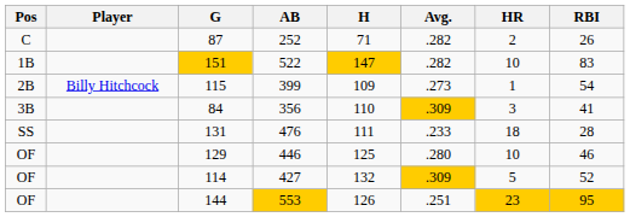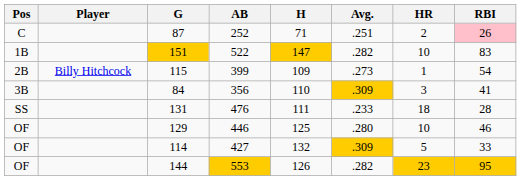 <table class="wikitable sortable">
 <tr>
 <th bgcolor="#DDDDFF" width="5%">Pos</th>
 <th bgcolor="#DDDDFF" width="16%">Player</th>
 <th bgcolor="#DDDDFF" width="9%">G</th>
 <th bgcolor="#DDDDFF" width="9%">AB</th>
 <th bgcolor="#DDDDFF" width="9%">H</th>
 <th bgcolor="#DDDDFF" width="9%">Avg.</th>
 <th bgcolor="#DDDDFF" width="9%">HR</th>
 <th bgcolor="#DDDDFF" width="9%">RBI</th>
 </tr>
 <tr align="center">
 <td>C</td>
 <td></td>
 <td>87</td>
 <td>252</td>
 <td>71</td>
-<td>.282</td>
+<td>.251</td>
 <td>2</td>
-<td>26</td>
+<td style="background: pink;">26</td>
 </tr>
 <tr align="center">
 <td>1B</td>
 <td></td>
 <td style="background:#fc0;">151</td>
 <td>522</td>
 <td style="background:#fc0;">147</td>
 <td>.282</td>
 <td>10</td>
 <td>83</td>
 </tr>
 <tr align="center">
 <td>2B</td>
 <td><a href='#'>Billy Hitchcock</a></td>
 <td>115</td>
 <td>399</td>
 <td>109</td>
 <td>.273</td>
 <td>1</td>
 <td>54</td>
 </tr>
 <tr align=center>
 <td>3B</td>
 <td></td>
 <td>84</td>
 <td>356</td>
 <td>110</td>
 <td style="background:#fc0;">.309</td>
 <td>3</td>
 <td>41</td>
 </tr>
 <tr align="center">
 <td>SS</td>
 <td></td>
 <td>131</td>
 <td>476</td>
 <td>111</td>
 <td>.233</td>
 <td>18</td>
 <td>28</td>
 </tr>
 <tr align="center">
 <td>OF</td>
 <td></td>
 <td>129</td>
 <td>446</td>
 <td>125</td>
 <td>.280</td>
 <td>10</td>
 <td>46</td>
 </tr>
 <tr align="center">
 <td>OF</td>
 <td></td>
 <td>114</td>
 <td>427</td>
 <td>132</td>
 <td style="background:#fc0;">.309</td>
 <td>5</td>
-<td>52</td>
+<td>33</td>
 </tr>
 <tr align="center">
 <td>OF</td>
 <td></td>
 <td>144</td>
 <td style="background:#fc0;">553</td>
 <td>126</td>
-<td>.251</td>
+<td>.282</td>
 <td style="background:#fc0;">23</td>
 <td style="background:#fc0;">95</td>
 </tr>
 </table>
